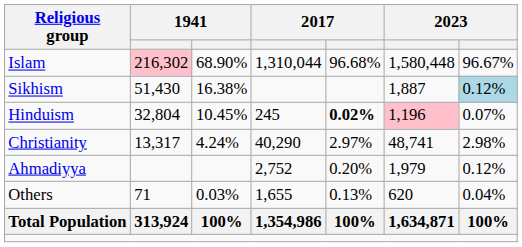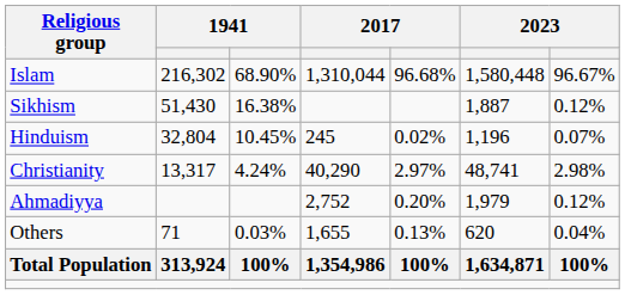 <table class="wikitable sortable">
 <tr>
 <th rowspan="2"><a href='#'>Religious</a><br>group</th>
 <th colspan="2">1941</th>
 <th colspan="2">2017</th>
 <th colspan="2">2023</th>
 </tr>
 <tr>
 <th><a href='#'></a></th>
 <th></th>
 <th></th>
 <th></th>
 <th></th>
 <th></th>
 </tr>
 <tr>
 <td><a href='#'>Islam</a> </td>
-<td style="background: pink;">216,302</td>
+<td>216,302</td>
 <td>68.90%</td>
 <td>1,310,044</td>
 <td>96.68%</td>
 <td>1,580,448</td>
 <td>96.67%</td>
 </tr>
 <tr>
 <td><a href='#'>Sikhism</a> </td>
 <td>51,430</td>
 <td>16.38%</td>
 <td></td>
 <td></td>
 <td>1,887</td>
-<td style="background: lightblue;">0.12%</td>
+<td>0.12%</td>
 </tr>
 <tr>
 <td><a href='#'>Hinduism</a> </td>
 <td>32,804</td>
 <td>10.45%</td>
 <td>245</td>
-<td><strong>0.02%</strong></td>
-<td style="background: pink;">1,196</td>
+<td>0.02%</td>
+<td>1,196</td>
 <td>0.07%</td>
 </tr>
 <tr>
 <td><a href='#'>Christianity</a> </td>
 <td>13,317</td>
 <td>4.24%</td>
 <td>40,290</td>
 <td>2.97%</td>
 <td>48,741</td>
 <td>2.98%</td>
 </tr>
 <tr>
 <td><a href='#'>Ahmadiyya</a> </td>
 <td></td>
 <td></td>
 <td>2,752</td>
 <td>0.20%</td>
 <td>1,979</td>
 <td>0.12%</td>
 </tr>
 <tr>
 <td>Others</td>
 <td>71</td>
 <td>0.03%</td>
 <td>1,655</td>
 <td>0.13%</td>
 <td>620</td>
 <td>0.04%</td>
 </tr>
 <tr>
 <th>Total Population</th>
 <th>313,924</th>
 <th>100%</th>
 <th>1,354,986</th>
 <th>100%</th>
 <th>1,634,871</th>
 <th>100%</th>
 </tr>
 <tr class="sortbottom">
 <td colspan="7"></td>
 </tr>
 </table>
